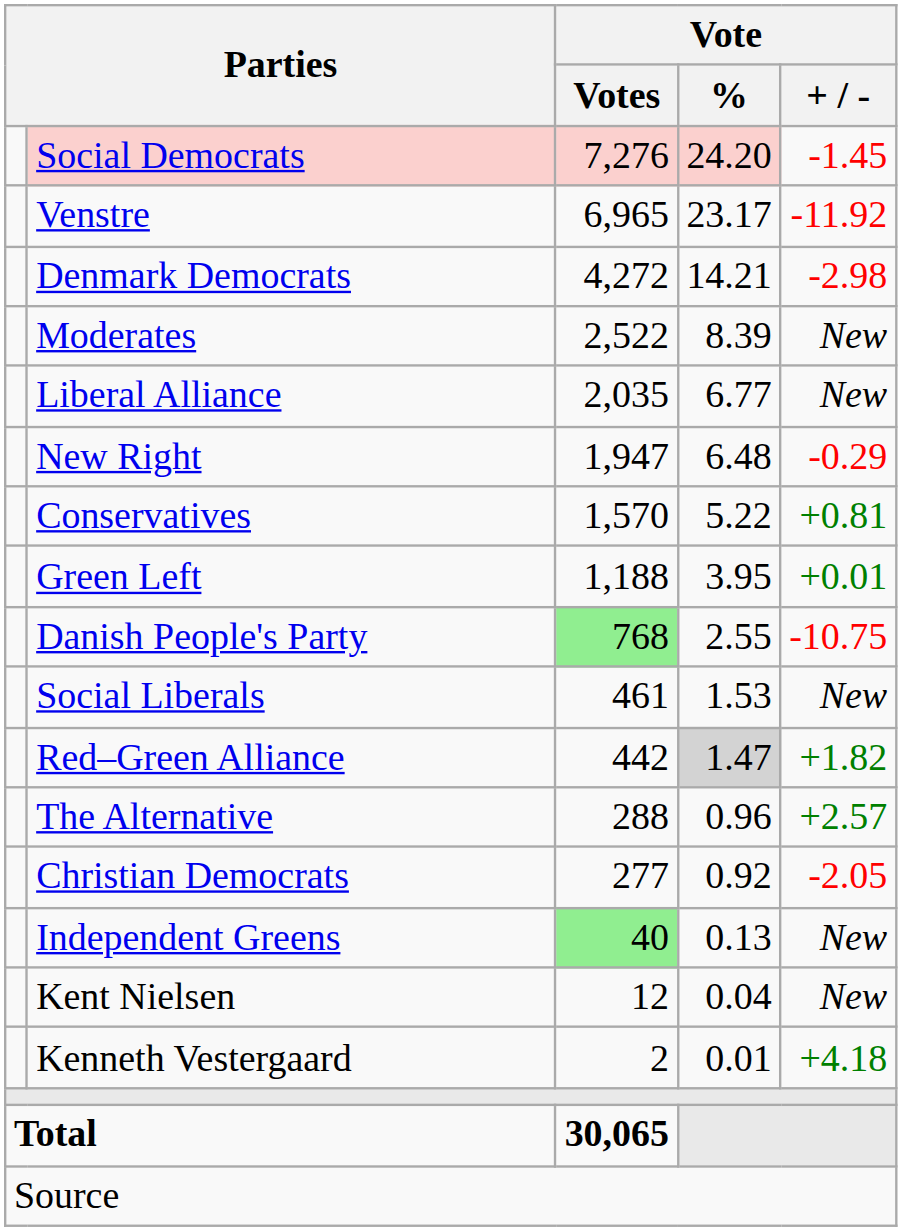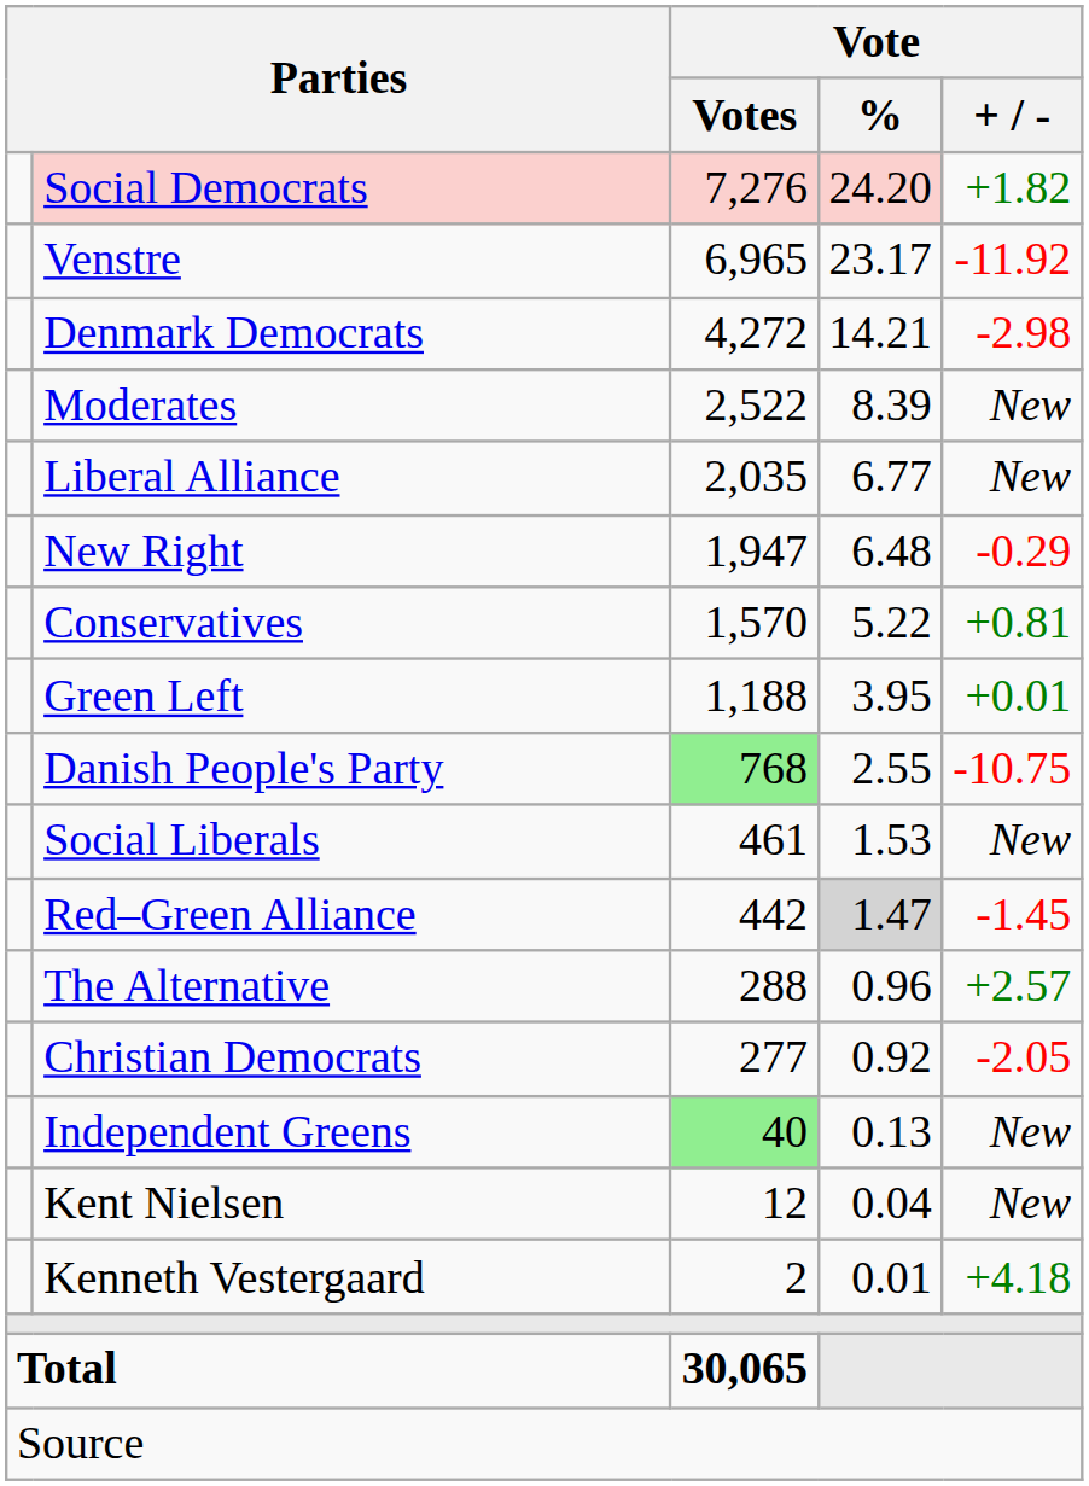 <table class="wikitable" style="text-align:right;">
 <tr>
 <th style="text-align:centre;" rowspan="2" colspan="2" width="225">Parties</th>
 <th colspan="3">Vote</th>
 </tr>
 <tr>
 <th width="15">Votes</th>
 <th width="15">%</th>
 <th width="15">+ / -</th>
 </tr>
 <tr>
 <td width="2" style="color:inherit;background:"></td>
 <td bgcolor=#fbd0ce  align="left"><a href='#'>Social Democrats</a></td>
 <td bgcolor=#fbd0ce>7,276</td>
 <td bgcolor=#fbd0ce>24.20</td>
-<td style=color:red;>-1.45</td>
+<td style=color:green;>+1.82</td>
 </tr>
 <tr>
 <td width="2" style="color:inherit;background:"></td>
 <td align="left"><a href='#'>Venstre</a></td>
 <td>6,965</td>
 <td>23.17</td>
 <td style=color:red;>-11.92</td>
 </tr>
 <tr>
 <td width="2" style="color:inherit;background:"></td>
 <td align="left"><a href='#'>Denmark Democrats</a></td>
 <td>4,272</td>
 <td>14.21</td>
 <td style=color:red;>-2.98</td>
 </tr>
 <tr>
 <td width="2" style="color:inherit;background:"></td>
 <td align="left"><a href='#'>Moderates</a></td>
 <td>2,522</td>
 <td>8.39</td>
 <td><em>New</em></td>
 </tr>
 <tr>
 <td width="2" style="color:inherit;background:"></td>
 <td align="left"><a href='#'>Liberal Alliance</a></td>
 <td>2,035</td>
 <td>6.77</td>
 <td><em>New</em></td>
 </tr>
 <tr>
 <td width="2" style="color:inherit;background:"></td>
 <td align="left"><a href='#'>New Right</a></td>
 <td>1,947</td>
 <td>6.48</td>
 <td style=color:red;>-0.29</td>
 </tr>
 <tr>
 <td width="2" style="color:inherit;background:"></td>
 <td align="left"><a href='#'>Conservatives</a></td>
 <td>1,570</td>
 <td>5.22</td>
 <td style=color:green;>+0.81</td>
 </tr>
 <tr>
 <td width="2" style="color:inherit;background:"></td>
 <td align="left"><a href='#'>Green Left</a></td>
 <td>1,188</td>
 <td>3.95</td>
 <td style=color:green;>+0.01</td>
 </tr>
 <tr>
 <td width="2" style="color:inherit;background:"></td>
 <td align="left"><a href='#'>Danish People's Party</a></td>
 <td style="background: lightgreen;">768</td>
 <td>2.55</td>
 <td style=color:red;>-10.75</td>
 </tr>
 <tr>
 <td width="2" style="color:inherit;background:"></td>
 <td align="left"><a href='#'>Social Liberals</a></td>
 <td>461</td>
 <td>1.53</td>
 <td><em>New</em></td>
 </tr>
 <tr>
 <td width="2" style="color:inherit;background:"></td>
 <td align="left"><a href='#'>Red–Green Alliance</a></td>
 <td>442</td>
 <td style="background: lightgrey;">1.47</td>
-<td style=color:green;>+1.82</td>
+<td style=color:red;>-1.45</td>
 </tr>
 <tr>
 <td width="2" style="color:inherit;background:"></td>
 <td align="left"><a href='#'>The Alternative</a></td>
 <td>288</td>
 <td>0.96</td>
 <td style=color:green;>+2.57</td>
 </tr>
 <tr>
 <td width="2" style="color:inherit;background:"></td>
 <td align="left"><a href='#'>Christian Democrats</a></td>
 <td>277</td>
 <td>0.92</td>
 <td style=color:red;>-2.05</td>
 </tr>
 <tr>
 <td width="2" style="color:inherit;background:"></td>
 <td align="left"><a href='#'>Independent Greens</a></td>
 <td style="background: lightgreen;">40</td>
 <td>0.13</td>
 <td><em>New</em></td>
 </tr>
 <tr>
 <td width="2" style="color:inherit;background:"></td>
 <td align="left">Kent Nielsen</td>
 <td>12</td>
 <td>0.04</td>
 <td><em>New</em></td>
 </tr>
 <tr>
 <td width="2" style="color:inherit;background:"></td>
 <td align="left">Kenneth Vestergaard</td>
 <td>2</td>
 <td>0.01</td>
 <td style=color:green;>+4.18</td>
 </tr>
 <tr>
 <td colspan="7" bgcolor="#E9E9E9"></td>
 </tr>
 <tr>
 <td align="left" colspan="2"><strong>Total</strong></td>
 <td><strong>30,065</strong></td>
 <td bgcolor="#E9E9E9" colspan="2"></td>
 </tr>
 <tr>
 <td align="left" colspan="6">Source</td>
 </tr>
 </table>
